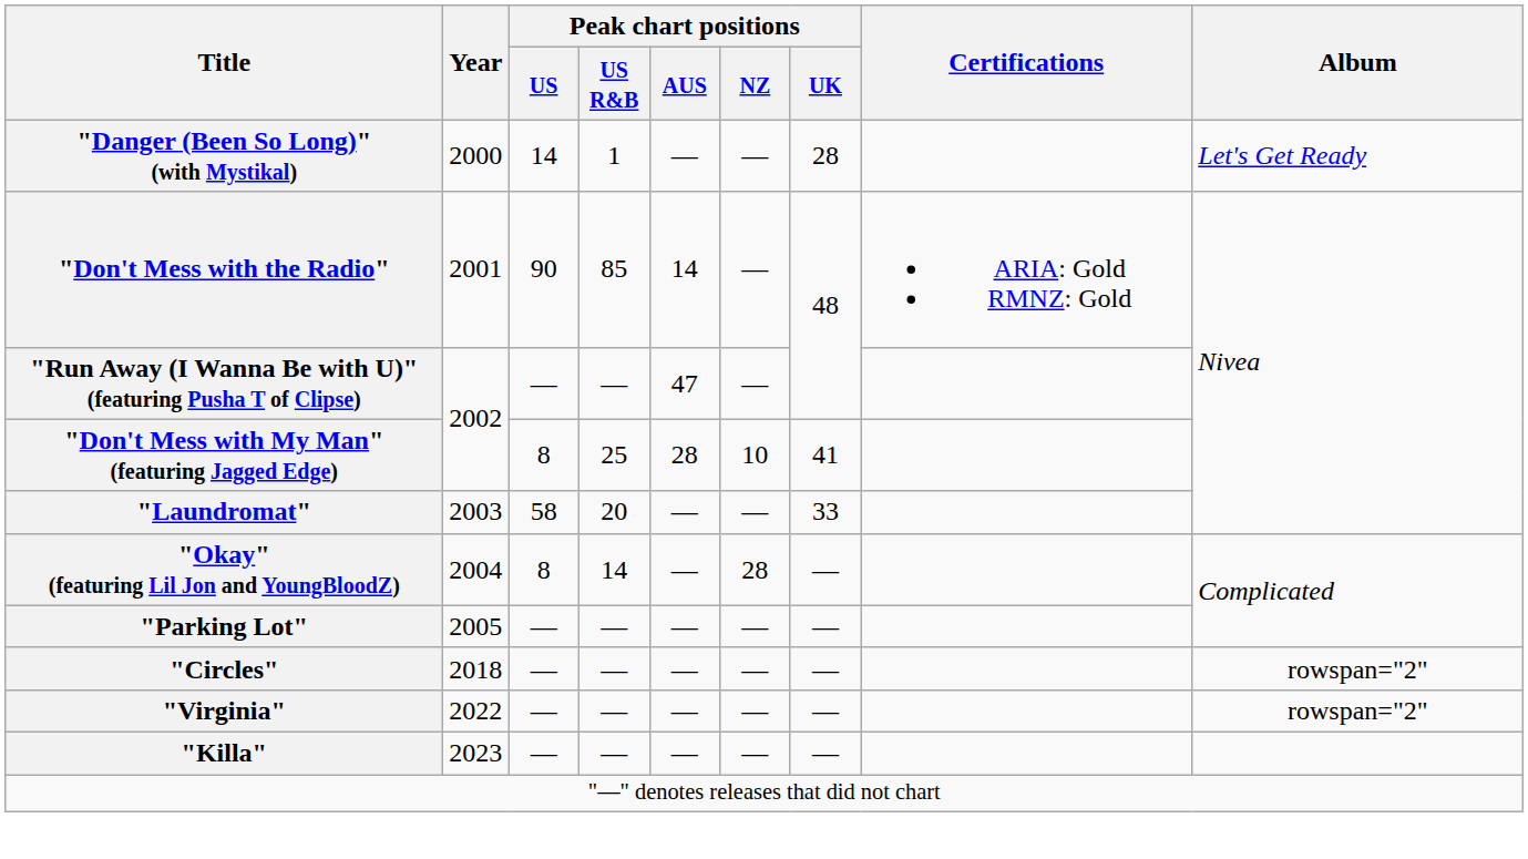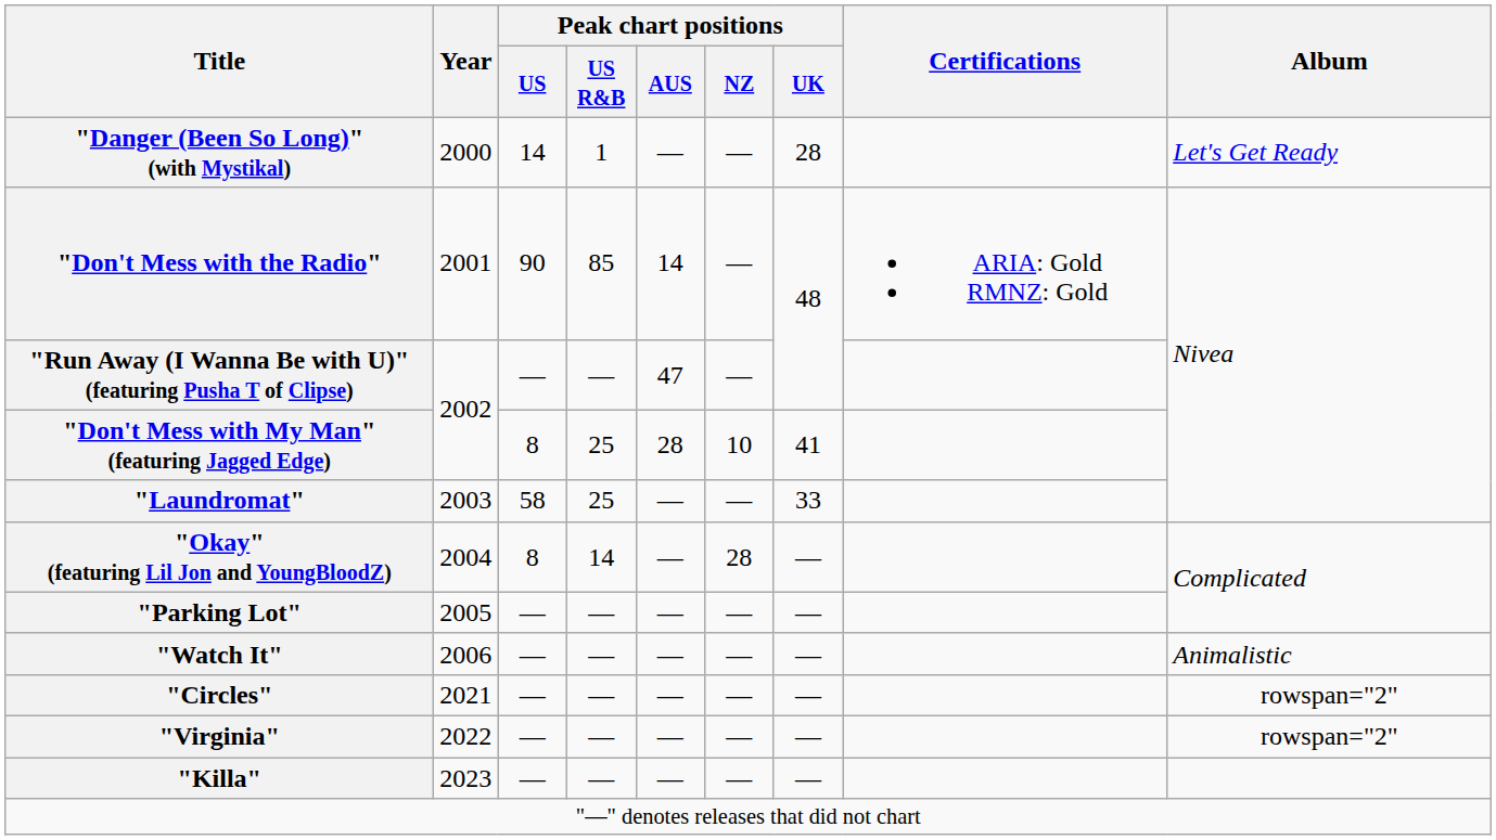 <table class="wikitable plainrowheaders" style="text-align:center;" border="1">
 <tr>
 <th scope="col" rowspan="2" style="width:16em;">Title</th>
 <th scope="col" rowspan="2">Year</th>
 <th scope="col" colspan="5">Peak chart positions</th>
 <th scope="col" rowspan="2" style="width:12em;"><a href='#'>Certifications</a></th>
 <th scope="col" rowspan="2" style="width:12em;">Album</th>
 </tr>
 <tr>
 <th style="width:35px;"><small><a href='#'>US</a></small><br></th>
 <th style="width:35px;"><small><a href='#'>US<br>R&B</a></small><br></th>
 <th style="width:35px;"><small><a href='#'>AUS</a></small><br></th>
 <th style="width:35px;"><small><a href='#'>NZ</a></small><br></th>
 <th style="width:35px;"><small><a href='#'>UK</a></small><br></th>
 </tr>
 <tr>
 <th scope="row">"<a href='#'>Danger (Been So Long)</a>" <br> <small>(with <a href='#'>Mystikal</a>)</small></th>
 <td style="text-align:center;">2000</td>
 <td style="text-align:center;">14</td>
 <td style="text-align:center;">1</td>
 <td style="text-align:center;">—</td>
 <td style="text-align:center;">—</td>
 <td style="text-align:center;">28</td>
 <td></td>
 <td style="text-align:left;"><em><a href='#'>Let's Get Ready</a></em></td>
 </tr>
 <tr>
 <th scope="row">"<a href='#'>Don't Mess with the Radio</a>"</th>
 <td style="text-align:center;">2001</td>
 <td style="text-align:center;">90</td>
 <td style="text-align:center;">85</td>
 <td style="text-align:center;">14</td>
 <td style="text-align:center;">—</td>
 <td style="text-align:center;" rowspan="2">48</td>
 <td><br><ul><li><a href='#'>ARIA</a>: Gold</li><li><a href='#'>RMNZ</a>: Gold</li></ul></td>
 <td style="text-align:left;" rowspan="4"><em>Nivea</em></td>
 </tr>
 <tr>
 <th scope="row">"Run Away (I Wanna Be with U)" <br><small>(featuring <a href='#'>Pusha T</a> of <a href='#'>Clipse</a>)</small></th>
 <td style="text-align:center;" rowspan="2">2002</td>
 <td style="text-align:center;">—</td>
 <td style="text-align:center;">—</td>
 <td style="text-align:center;">47</td>
 <td style="text-align:center;">—</td>
 <td></td>
 </tr>
 <tr>
 <th scope="row">"<a href='#'>Don't Mess with My Man</a>" <br><small>(featuring <a href='#'>Jagged Edge</a>)</small></th>
 <td style="text-align:center;">8</td>
 <td style="text-align:center;">25</td>
 <td style="text-align:center;">28</td>
 <td style="text-align:center;">10</td>
 <td style="text-align:center;">41</td>
 <td></td>
 </tr>
 <tr>
 <th scope="row">"<a href='#'>Laundromat</a>"</th>
 <td style="text-align:center;">2003</td>
 <td style="text-align:center;">58</td>
-<td style="text-align:center;">20</td>
+<td style="text-align:center;">25</td>
 <td style="text-align:center;">—</td>
 <td style="text-align:center;">—</td>
 <td style="text-align:center;">33</td>
 <td></td>
 </tr>
 <tr>
 <th scope="row">"<a href='#'>Okay</a>" <br><small>(featuring <a href='#'>Lil Jon</a> and <a href='#'>YoungBloodZ</a>)</small></th>
 <td style="text-align:center;">2004</td>
 <td style="text-align:center;">8</td>
 <td style="text-align:center;">14</td>
 <td style="text-align:center;">—</td>
 <td style="text-align:center;">28</td>
 <td style="text-align:center;">—</td>
 <td></td>
 <td style="text-align:left;" rowspan="2"><em>Complicated</em></td>
 </tr>
 <tr>
 <th scope="row">"Parking Lot"</th>
 <td>2005</td>
 <td style="text-align:center;">—</td>
 <td style="text-align:center;">—</td>
 <td style="text-align:center;">—</td>
 <td style="text-align:center;">—</td>
 <td style="text-align:center;">—</td>
 <td></td>
 </tr>
 <tr>
+<th scope="row">"Watch It"</th>
+<td style="text-align:center;">2006</td>
+<td style="text-align:center;">—</td>
+<td style="text-align:center;">—</td>
+<td style="text-align:center;">—</td>
+<td style="text-align:center;">—</td>
+<td style="text-align:center;">—</td>
+<td></td>
+<td align="left"><em>Animalistic</em></td>
+</tr>
+<tr>
 <th scope="row">"Circles"</th>
-<td style="text-align:center;">2018</td>
+<td style="text-align:center;">2021</td>
 <td style="text-align:center;">—</td>
 <td style="text-align:center;">—</td>
 <td style="text-align:center;">—</td>
 <td style="text-align:center;">—</td>
 <td style="text-align:center;">—</td>
 <td></td>
 <td>rowspan="2" </td>
 </tr>
 <tr>
 <th scope="row">"Virginia"</th>
 <td>2022</td>
 <td style="text-align:center;">—</td>
 <td style="text-align:center;">—</td>
 <td style="text-align:center;">—</td>
 <td style="text-align:center;">—</td>
 <td style="text-align:center;">—</td>
 <td></td>
 <td>rowspan="2" </td>
 </tr>
 <tr>
 <th scope="row">"Killa"</th>
 <td>2023</td>
 <td style="text-align:center;">—</td>
 <td style="text-align:center;">—</td>
 <td style="text-align:center;">—</td>
 <td style="text-align:center;">—</td>
 <td style="text-align:center;">—</td>
 <td></td>
 </tr>
 <tr>
 <td colspan="9" style="text-align:center; font-size:85%">"—" denotes releases that did not chart</td>
 </tr>
 </table>
